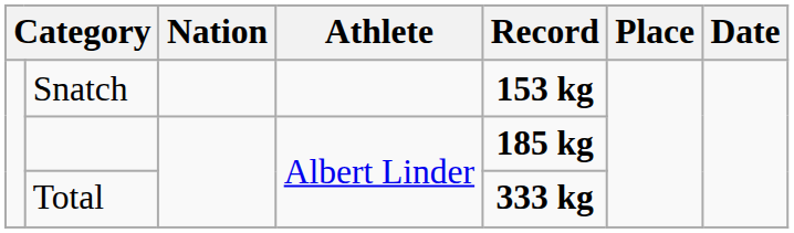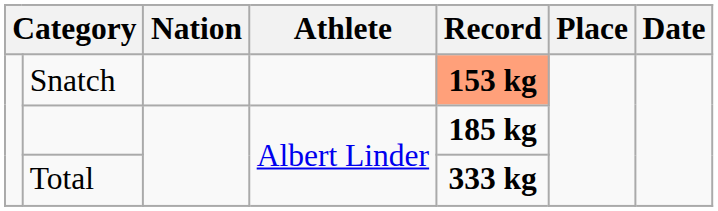 <table class="wikitable" style="text-align:center;">
 <tr>
 <th colspan="2">Category</th>
 <th>Nation</th>
 <th>Athlete</th>
 <th>Record</th>
 <th>Place</th>
 <th>Date</th>
 </tr>
 <tr>
 <td rowspan="3"><strong></strong></td>
 <td align="left">Snatch</td>
 <td align="left"></td>
 <td align="left"></td>
-<td><strong>153 kg</strong></td>
+<td style="background: lightsalmon;"><strong>153 kg</strong></td>
 <td align="left" rowspan="3"></td>
 <td align="left" rowspan="3"></td>
 </tr>
 <tr>
 <td align="left"></td>
 <td align="left" rowspan="2"></td>
 <td align="left" rowspan="2"><a href='#'>Albert Linder</a></td>
 <td><strong>185 kg</strong></td>
 </tr>
 <tr>
 <td align="left">Total</td>
 <td><strong>333 kg</strong></td>
 </tr>
 </table>
